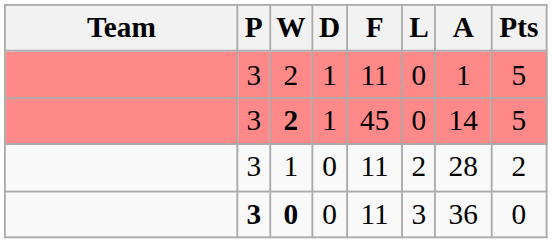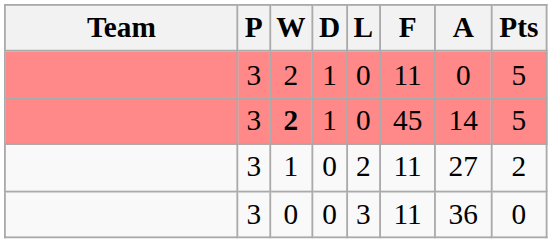 <table class="wikitable" style="text-align:center;">
 <tr>
 <th width="120px">Team</th>
 <th>P</th>
 <th>W</th>
 <th>D</th>
+<th>L</th>
 <th width="23px">F</th>
-<th>L</th>
 <th width="23px">A</th>
 <th width="23px">Pts</th>
 </tr>
 <tr bgcolor="#FF8888">
 <td></td>
 <td>3</td>
 <td>2</td>
 <td>1</td>
+<td>0</td>
 <td>11</td>
 <td>0</td>
-<td>1</td>
 <td>5</td>
 </tr>
 <tr bgcolor="#FF8888">
 <td></td>
 <td>3</td>
 <td><strong>2</strong></td>
 <td>1</td>
+<td>0</td>
 <td>45</td>
-<td>0</td>
 <td>14</td>
 <td>5</td>
 </tr>
 <tr>
 <td></td>
 <td>3</td>
 <td>1</td>
 <td>0</td>
+<td>2</td>
 <td>11</td>
-<td>2</td>
-<td>28</td>
+<td>27</td>
 <td>2</td>
 </tr>
 <tr>
 <td></td>
-<td><strong>3</strong></td>
-<td><strong>0</strong></td>
+<td>3</td>
 <td>0</td>
+<td>0</td>
+<td>3</td>
 <td>11</td>
-<td>3</td>
 <td>36</td>
 <td>0</td>
 </tr>
 </table>
